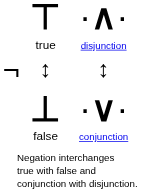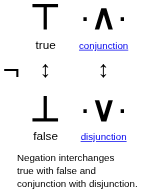 <table class="floatright" cellpadding=0 style="text-align:center;">
 <tr>
 <td></td>
 <td style="font-size:300%; font-weight:700;">⊤</td>
 <td rowspan=5></td>
 <td style="font-size:300%;">·<strong>∧</strong>·</td>
 </tr>
 <tr>
 <td></td>
 <td>true</td>
-<td><small><a href='#'>disjunction</a></small></td>
+<td><small><a href='#'>conjunction</a></small></td>
 </tr>
 <tr>
 <td style="font-size:250%; font-weight:300;">¬</td>
 <td style="font-size:200%; font-weight:500;">↕</td>
 <td style="font-size:200%; font-weight:500;">↕</td>
 </tr>
 <tr>
 <td></td>
 <td style="font-size:300%; font-weight:700;">⊥</td>
 <td style="font-size:300%;">·<strong>∨</strong>·</td>
 </tr>
 <tr>
 <td></td>
 <td>false</td>
-<td><small><a href='#'>conjunction</a></small></td>
+<td><small><a href='#'>disjunction</a></small></td>
 </tr>
 <tr>
 <td colspan=4 style="padding-left:24px; padding-top:8px; padding-bottom:14px; text-align:left;"><small>Negation interchanges <br>true with false and <br>conjunction with disjunction.</small></td>
 </tr>
 </table>
